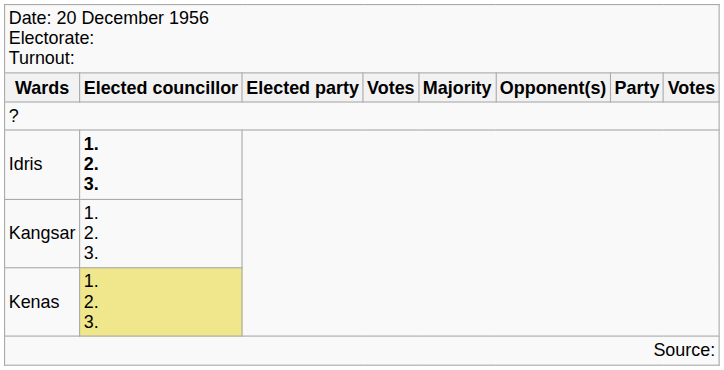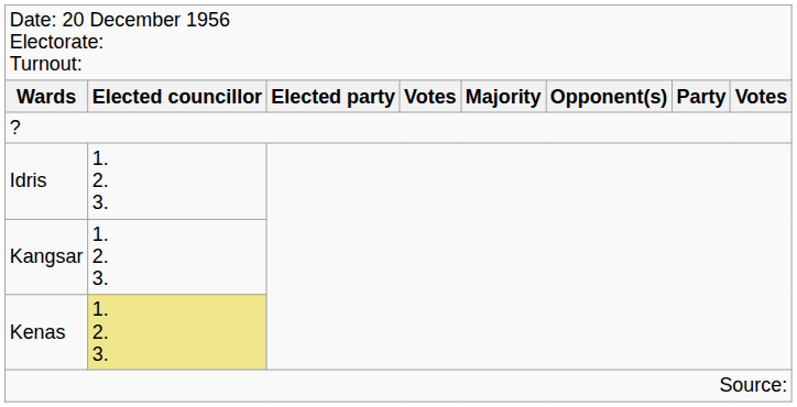 <table class=wikitable>
 <tr>
 <td colspan=8>Date: 20 December 1956<br>Electorate: <br>Turnout:</td>
 </tr>
 <tr>
 <th>Wards</th>
 <th>Elected councillor</th>
 <th>Elected party</th>
 <th>Votes</th>
 <th>Majority</th>
 <th>Opponent(s)</th>
 <th>Party</th>
 <th>Votes</th>
 </tr>
 <tr>
 <td colspan=8>? </td>
 </tr>
 <tr>
 <td>Idris</td>
-<td><strong>1.<br>2.<br>3.</strong></td>
+<td>1.<br>2.<br>3.</td>
 </tr>
 <tr>
 <td>Kangsar</td>
 <td>1.<br>2.<br>3.</td>
 </tr>
 <tr>
 <td>Kenas</td>
 <td style="background: khaki;">1.<br>2.<br>3.</td>
 </tr>
 <tr>
 <td colspan=8 align=right>Source: </td>
 </tr>
 </table>
